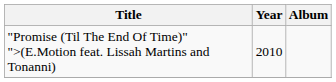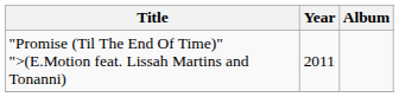 <table class="wikitable">
 <tr>
 <th style="width:18em;">Title</th>
 <th>Year</th>
 <th>Album</th>
 </tr>
 <tr>
 <td>"Promise (Til The End Of Time)"<br><span>">(E.Motion feat. Lissah Martins and Tonanni)</span></td>
-<td>2010</td>
+<td>2011</td>
 <td></td>
 </tr>
 <tr>
 </tr>
 </table>
